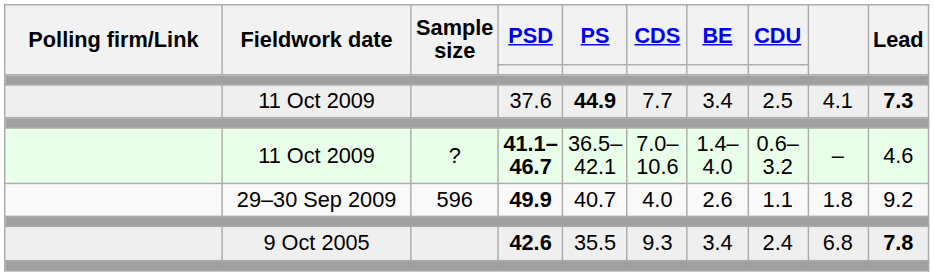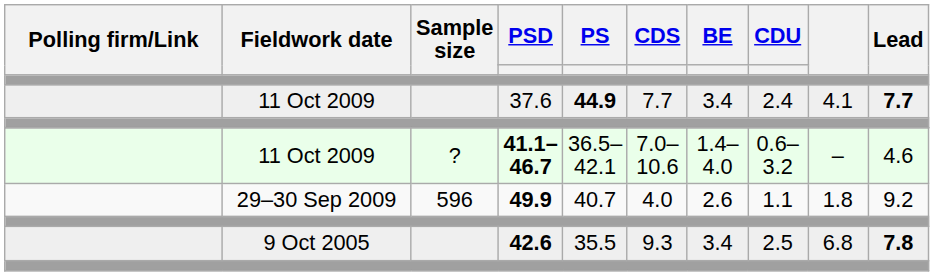 <table class="wikitable collapsible sortable" style="text-align:center; font-size:95%; line-height:16px;">
 <tr style="height:42px;">
 <th style="width:145px;" rowspan="2">Polling firm/Link</th>
 <th style="width:125px;" rowspan="2">Fieldwork date</th>
 <th class="unsortable" style="width:50px;" rowspan="2">Sample size</th>
 <th class="unsortable" style="width:35px;"><a href='#'>PSD</a></th>
 <th class="unsortable" style="width:35px;"><a href='#'>PS</a></th>
 <th class="unsortable" style="width:35px;"><a href='#'>CDS</a></th>
 <th class="unsortable" style="width:35px;"><a href='#'>BE</a></th>
 <th class="unsortable" style="width:35px;"><a href='#'>CDU</a></th>
 <th class="unsortable" style="width:35px;" rowspan="2"></th>
 <th class="unsortable" style="width:30px;" rowspan="2">Lead</th>
 </tr>
 <tr>
 <th class="unsortable" style="color:inherit;background:"></th>
 <th class="unsortable" style="color:inherit;background:"></th>
 <th class="unsortable" style="color:inherit;background:"></th>
 <th class="unsortable" style="color:inherit;background:"></th>
 <th class="unsortable" style="color:inherit;background:"></th>
 </tr>
 <tr>
 <td colspan="13" style="background:#A0A0A0"></td>
 </tr>
 <tr style="background:#EFEFEF;">
 <td><strong></strong></td>
 <td data-sort-value="2019-10-06">11 Oct 2009</td>
 <td></td>
 <td>37.6<br></td>
 <td><strong>44.9</strong><br></td>
 <td>7.7<br></td>
 <td>3.4<br></td>
-<td>2.5<br></td>
+<td>2.4<br></td>
 <td>4.1</td>
-<td style="background:"><strong>7.3</strong></td>
+<td style="background:"><strong>7.7</strong></td>
 </tr>
 <tr>
 <td colspan="13" style="background:#A0A0A0"></td>
 </tr>
 <tr>
 </tr>
 <tr style="background:#EAFFEA"|>
 <td></td>
 <td data-sort-value="2019-10-06">11 Oct 2009</td>
 <td>?</td>
 <td><strong>41.1–<br>46.7</strong></td>
 <td>36.5–<br>42.1</td>
 <td>7.0–<br>10.6</td>
 <td>1.4–<br>4.0</td>
 <td>0.6–<br>3.2</td>
 <td>–</td>
 <td style="background:">4.6</td>
 </tr>
 <tr>
 <td align="center"></td>
 <td align="center">29–30 Sep 2009</td>
 <td>596</td>
 <td align="center" ><strong>49.9</strong></td>
 <td align="center">40.7</td>
 <td align="center">4.0</td>
 <td align="center">2.6</td>
 <td align="center">1.1</td>
 <td align="center">1.8</td>
 <td style="background:">9.2</td>
 </tr>
 <tr>
 <td colspan="13" style="background:#A0A0A0"></td>
 </tr>
 <tr style="background:#EFEFEF;">
 <td><strong></strong></td>
 <td data-sort-value="2019-10-06">9 Oct 2005</td>
 <td></td>
 <td><strong>42.6</strong><br></td>
 <td>35.5<br></td>
 <td>9.3<br></td>
 <td>3.4<br></td>
-<td>2.4<br></td>
+<td>2.5<br></td>
 <td>6.8</td>
 <td style="background:"><strong>7.8</strong></td>
 </tr>
 <tr>
 <td colspan="13" style="background:#A0A0A0"></td>
 </tr>
 <tr>
 </tr>
 </table>
